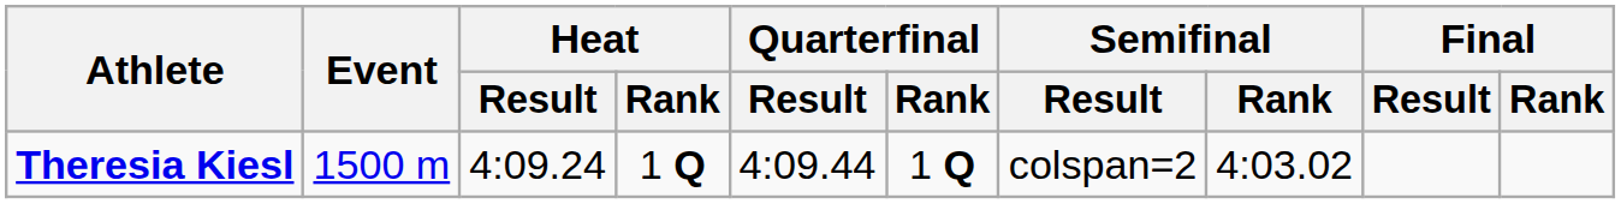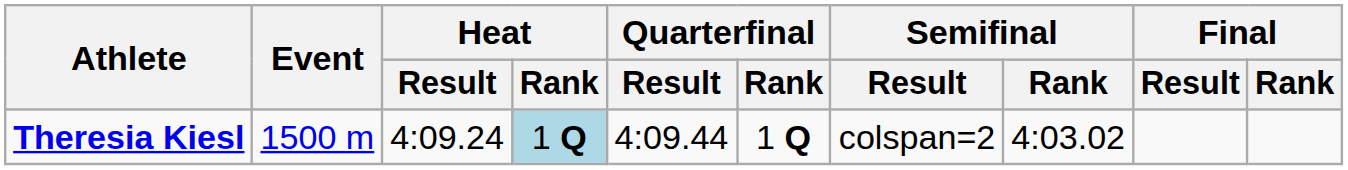 <table class="wikitable" style="font-size:90%">
 <tr>
 <th rowspan="2">Athlete</th>
 <th rowspan="2">Event</th>
 <th colspan="2">Heat</th>
 <th colspan="2">Quarterfinal</th>
 <th colspan="2">Semifinal</th>
 <th colspan="2">Final</th>
 </tr>
 <tr style="font-size:95%">
 <th>Result</th>
 <th>Rank</th>
 <th>Result</th>
 <th>Rank</th>
 <th>Result</th>
 <th>Rank</th>
 <th>Result</th>
 <th>Rank</th>
 </tr>
 <tr align=center>
 <td align=left><strong><a href='#'>Theresia Kiesl</a></strong></td>
 <td align=left rowspan=2><a href='#'>1500 m</a></td>
 <td>4:09.24</td>
-<td>1 <strong>Q</strong></td>
+<td style="background: lightblue;">1 <strong>Q</strong></td>
 <td>4:09.44</td>
 <td>1 <strong>Q</strong></td>
 <td>colspan=2 </td>
 <td>4:03.02</td>
 <td></td>
 </tr>
 </table>
